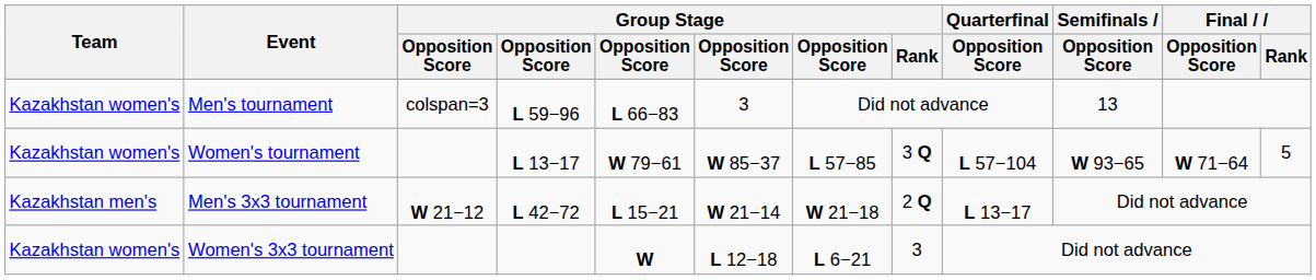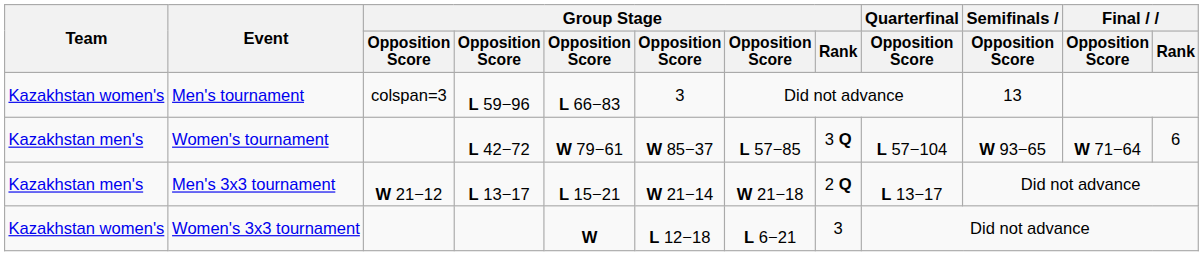 <table class=wikitable style=font-size:90%;text-align:center>
 <tr>
 <th rowspan=2>Team</th>
 <th rowspan=2>Event</th>
 <th colspan=6>Group Stage</th>
 <th>Quarterfinal</th>
 <th>Semifinals / </th>
 <th colspan=2>Final /  / </th>
 </tr>
 <tr style="font-size:95%">
 <th>Opposition<br>Score</th>
 <th>Opposition<br>Score</th>
 <th>Opposition<br>Score</th>
 <th>Opposition<br>Score</th>
 <th>Opposition<br>Score</th>
 <th>Rank</th>
 <th>Opposition<br>Score</th>
 <th>Opposition<br>Score</th>
 <th>Opposition<br>Score</th>
 <th>Rank</th>
 </tr>
 <tr align=center>
 <td align=left><a href='#'>Kazakhstan women's</a></td>
 <td align=left><a href='#'>Men's tournament</a></td>
 <td>colspan=3 </td>
 <td><br><strong>L</strong> 59−96</td>
 <td><br><strong>L</strong> 66−83</td>
 <td>3</td>
 <td colspan=3>Did not advance</td>
 <td>13</td>
 </tr>
 <tr align=center>
-<td align=left><a href='#'>Kazakhstan women's</a></td>
+<td align=left><a href='#'>Kazakhstan men's</a></td>
 <td align=left><a href='#'>Women's tournament</a></td>
 <td></td>
-<td><br><strong>L</strong> 13−17</td>
+<td><br><strong>L</strong> 42−72</td>
 <td><br><strong>W</strong> 79−61</td>
 <td><br><strong>W</strong> 85−37</td>
 <td><br><strong>L</strong> 57−85</td>
 <td>3 <strong>Q</strong></td>
 <td><br><strong>L</strong> 57−104</td>
 <td><br><strong>W</strong> 93−65</td>
 <td><br><strong>W</strong> 71−64</td>
-<td>5</td>
+<td>6</td>
 </tr>
 <tr align=center>
 <td align=left><a href='#'>Kazakhstan men's</a></td>
 <td align=left><a href='#'>Men's 3x3 tournament</a></td>
 <td><br><strong>W</strong> 21−12</td>
-<td><br><strong>L</strong> 42−72</td>
+<td><br><strong>L</strong> 13−17</td>
 <td><br><strong>L</strong> 15−21</td>
 <td><br><strong>W</strong> 21−14</td>
 <td><br><strong>W</strong> 21−18</td>
 <td>2 <strong>Q</strong></td>
 <td><br><strong>L</strong> 13−17</td>
 <td colspan=3>Did not advance</td>
 </tr>
 <tr align=center>
 <td align=left><a href='#'>Kazakhstan women's</a></td>
 <td align=left><a href='#'>Women's 3x3 tournament</a></td>
 <td></td>
 <td></td>
 <td><br><strong>W</strong> </td>
 <td><br><strong>L</strong> 12−18</td>
 <td><br><strong>L</strong> 6−21</td>
 <td>3</td>
 <td colspan=4>Did not advance</td>
 </tr>
 </table>
